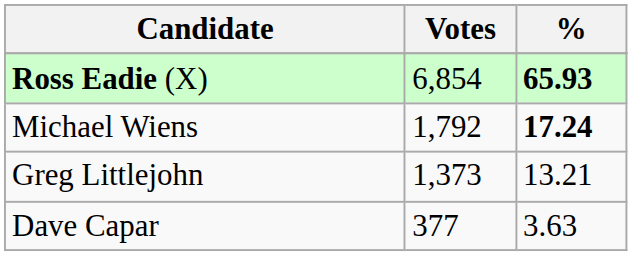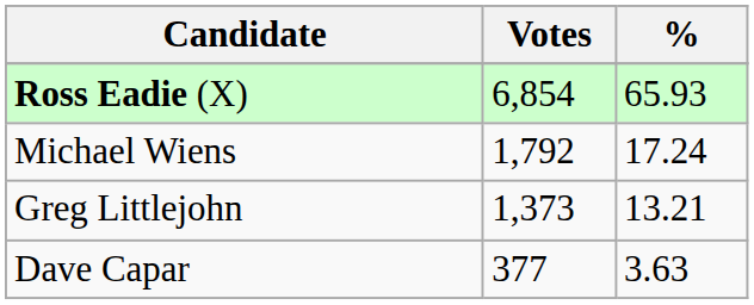 <table class="wikitable sortable">
 <tr>
 <th width="200px">Candidate</th>
 <th width="50px">Votes</th>
 <th width="50px">%</th>
 </tr>
 <tr>
 </tr>
 <tr style="text-align:left; background:#cfc;">
 <td><strong>Ross Eadie</strong> (X)</td>
 <td>6,854</td>
-<td><strong>65.93</strong></td>
+<td>65.93</td>
 </tr>
 <tr>
 <td>Michael Wiens</td>
 <td>1,792</td>
-<td><strong>17.24</strong></td>
+<td>17.24</td>
 </tr>
 <tr>
 <td>Greg Littlejohn</td>
 <td>1,373</td>
 <td>13.21</td>
 </tr>
 <tr>
 <td>Dave Capar</td>
 <td>377</td>
 <td>3.63</td>
 </tr>
 </table>
